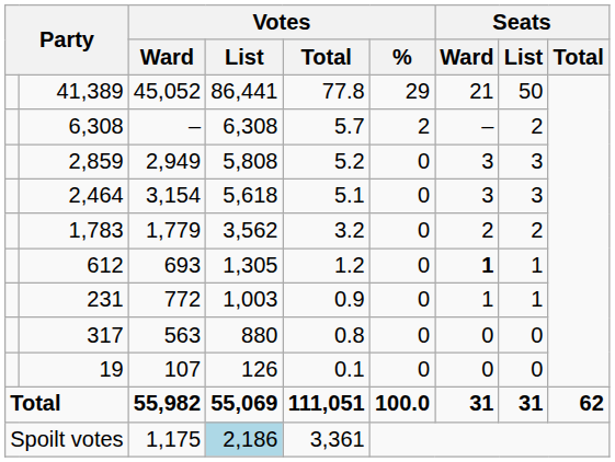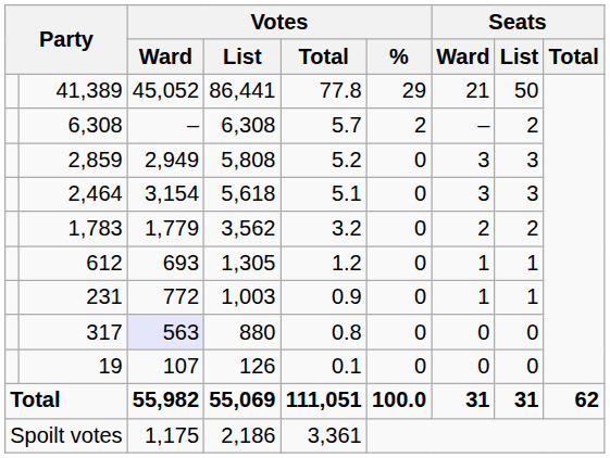 <table class=wikitable style="text-align:right">
 <tr>
 <th rowspan="2" colspan="2">Party</th>
 <th colspan="4" align="center">Votes</th>
 <th colspan="3" align="center">Seats</th>
 </tr>
 <tr>
 <th>Ward</th>
 <th>List</th>
 <th>Total</th>
 <th>%</th>
 <th>Ward</th>
 <th>List</th>
 <th>Total</th>
 </tr>
 <tr>
 <td></td>
 <td>41,389</td>
 <td>45,052</td>
 <td>86,441</td>
 <td>77.8</td>
 <td>29</td>
 <td>21</td>
 <td>50</td>
 </tr>
 <tr>
 <td></td>
 <td>6,308</td>
 <td>–</td>
 <td>6,308</td>
 <td>5.7</td>
 <td>2</td>
 <td>–</td>
 <td>2</td>
 </tr>
 <tr>
 <td></td>
 <td>2,859</td>
 <td>2,949</td>
 <td>5,808</td>
 <td>5.2</td>
 <td>0</td>
 <td>3</td>
 <td>3</td>
 </tr>
 <tr>
 <td></td>
 <td>2,464</td>
 <td>3,154</td>
 <td>5,618</td>
 <td>5.1</td>
 <td>0</td>
 <td>3</td>
 <td>3</td>
 </tr>
 <tr>
 <td></td>
 <td>1,783</td>
 <td>1,779</td>
 <td>3,562</td>
 <td>3.2</td>
 <td>0</td>
 <td>2</td>
 <td>2</td>
 </tr>
 <tr>
 <td></td>
 <td>612</td>
 <td>693</td>
 <td>1,305</td>
 <td>1.2</td>
 <td>0</td>
-<td><strong>1</strong></td>
+<td>1</td>
 <td>1</td>
 </tr>
 <tr>
 <td></td>
 <td>231</td>
 <td>772</td>
 <td>1,003</td>
 <td>0.9</td>
 <td>0</td>
 <td>1</td>
 <td>1</td>
 </tr>
 <tr>
 <td></td>
 <td>317</td>
-<td>563</td>
+<td style="background: lavender;">563</td>
 <td>880</td>
 <td>0.8</td>
 <td>0</td>
 <td>0</td>
 <td>0</td>
 </tr>
 <tr>
 <td></td>
 <td>19</td>
 <td>107</td>
 <td>126</td>
 <td>0.1</td>
 <td>0</td>
 <td>0</td>
 <td>0</td>
 </tr>
 <tr>
 <td colspan="2" style="text-align:left"><strong>Total</strong></td>
 <td><strong>55,982</strong></td>
 <td><strong>55,069</strong></td>
 <td><strong>111,051</strong></td>
 <td><strong>100.0</strong></td>
 <td><strong>31</strong></td>
 <td><strong>31</strong></td>
 <td><strong>62</strong></td>
 </tr>
 <tr>
 <td colspan="2" style="text-align:left">Spoilt votes</td>
 <td>1,175</td>
-<td style="background: lightblue;">2,186</td>
+<td>2,186</td>
 <td>3,361</td>
 </tr>
 </table>
